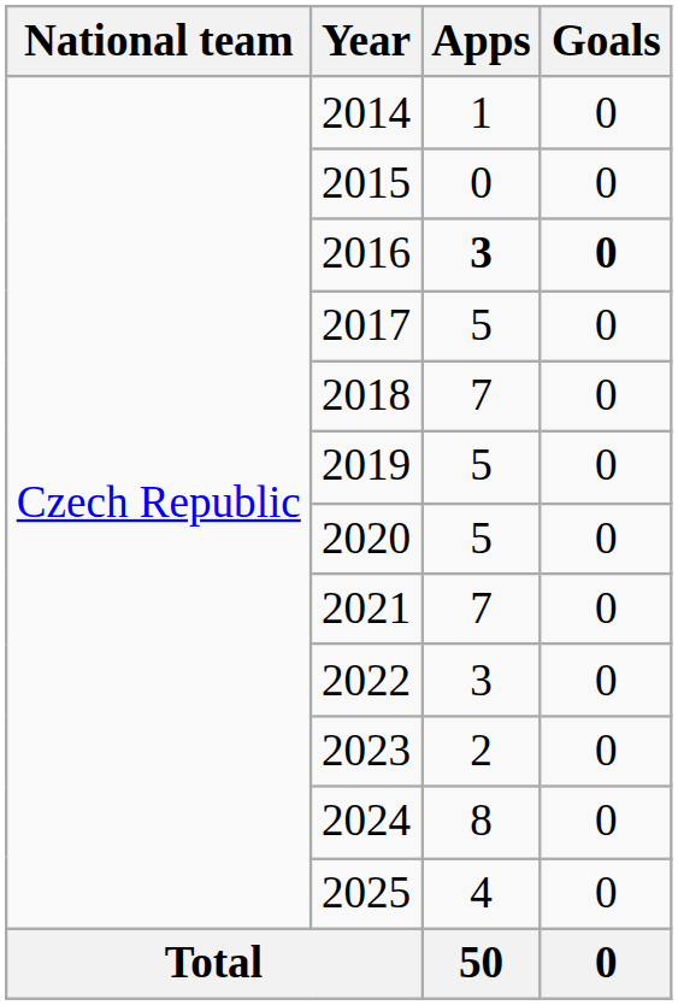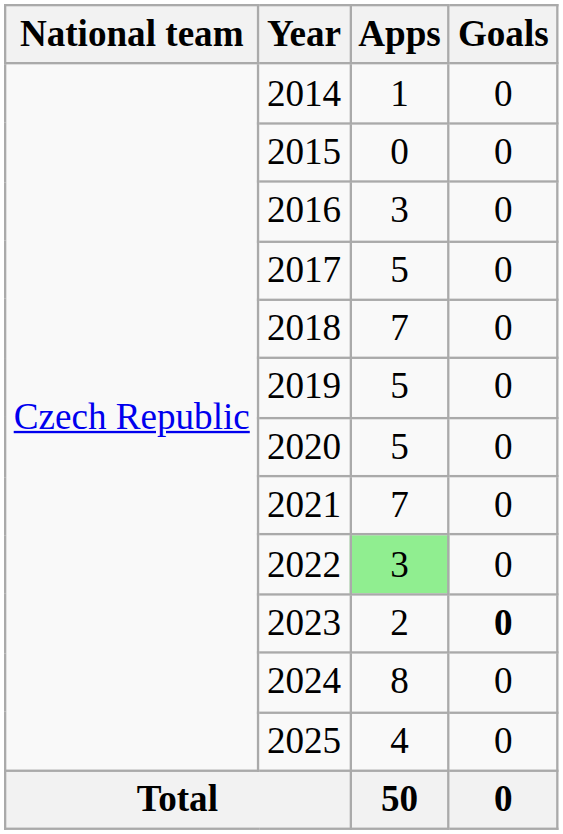 <table class="wikitable" style="text-align:center">
 <tr>
 <th>National team</th>
 <th>Year</th>
 <th>Apps</th>
 <th>Goals</th>
 </tr>
 <tr>
 <td rowspan=12><a href='#'>Czech Republic</a></td>
 <td>2014</td>
 <td>1</td>
 <td>0</td>
 </tr>
 <tr>
 <td>2015</td>
 <td>0</td>
 <td>0</td>
 </tr>
 <tr>
 <td>2016</td>
-<td><strong>3</strong></td>
-<td><strong>0</strong></td>
+<td>3</td>
+<td>0</td>
 </tr>
 <tr>
 <td>2017</td>
 <td>5</td>
 <td>0</td>
 </tr>
 <tr>
 <td>2018</td>
 <td>7</td>
 <td>0</td>
 </tr>
 <tr>
 <td>2019</td>
 <td>5</td>
 <td>0</td>
 </tr>
 <tr>
 <td>2020</td>
 <td>5</td>
 <td>0</td>
 </tr>
 <tr>
 <td>2021</td>
 <td>7</td>
 <td>0</td>
 </tr>
 <tr>
 <td>2022</td>
-<td>3</td>
+<td style="background: lightgreen;">3</td>
 <td>0</td>
 </tr>
 <tr>
 <td>2023</td>
 <td>2</td>
-<td>0</td>
+<td><strong>0</strong></td>
 </tr>
 <tr>
 <td>2024</td>
 <td>8</td>
 <td>0</td>
 </tr>
 <tr>
 <td>2025</td>
 <td>4</td>
 <td>0</td>
 </tr>
 <tr>
 <th colspan=2>Total</th>
 <th>50</th>
 <th>0</th>
 </tr>
 </table>
